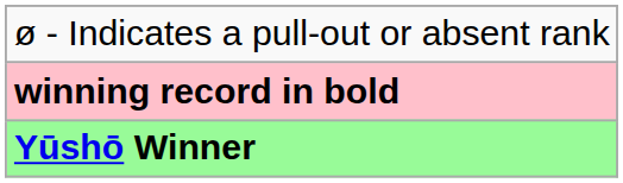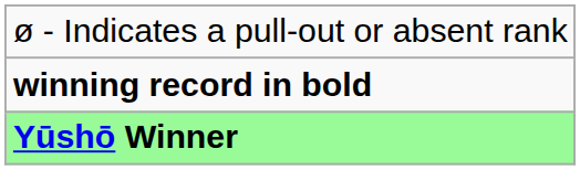 <table class="wikitable">
 <tr>
 <td>ø - Indicates a pull-out or absent rank</td>
 </tr>
 <tr>
-<td style="background: pink;"><strong>winning record in bold</strong></td>
+<td><strong>winning record in bold</strong></td>
 </tr>
 <tr>
 <td style="background: PaleGreen;"><strong><a href='#'>Yūshō</a> Winner</strong></td>
 </tr>
 </table>
